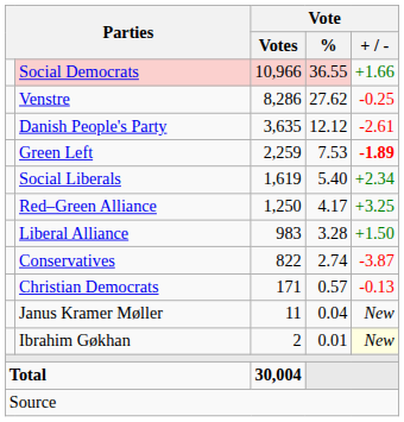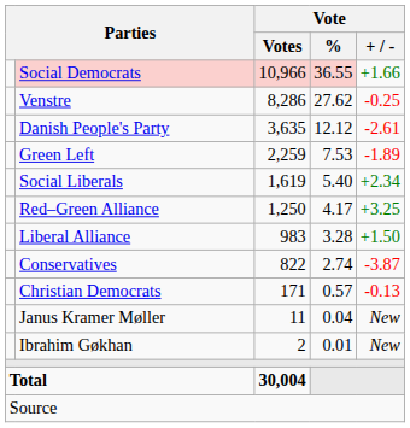 <table class="wikitable" style="text-align:right;">
 <tr>
 <th style="text-align:centre;" rowspan="2" colspan="2" width="225">Parties</th>
 <th colspan="3">Vote</th>
 </tr>
 <tr>
 <th width="15">Votes</th>
 <th width="15">%</th>
 <th width="15">+ / -</th>
 </tr>
 <tr>
 <td width="2" style="color:inherit;background:"></td>
 <td bgcolor=#fbd0ce  align="left"><a href='#'>Social Democrats</a></td>
 <td bgcolor=#fbd0ce>10,966</td>
 <td bgcolor=#fbd0ce>36.55</td>
 <td style=color:green;>+1.66</td>
 </tr>
 <tr>
 <td width="2" style="color:inherit;background:"></td>
 <td align="left"><a href='#'>Venstre</a></td>
 <td>8,286</td>
 <td>27.62</td>
 <td style=color:red;>-0.25</td>
 </tr>
 <tr>
 <td width="2" style="color:inherit;background:"></td>
 <td align="left"><a href='#'>Danish People's Party</a></td>
 <td>3,635</td>
 <td>12.12</td>
 <td style=color:red;>-2.61</td>
 </tr>
 <tr>
 <td width="2" style="color:inherit;background:"></td>
 <td align="left"><a href='#'>Green Left</a></td>
 <td>2,259</td>
 <td>7.53</td>
-<td style=color:red;><strong>-1.89</strong></td>
+<td style=color:red;>-1.89</td>
 </tr>
 <tr>
 <td width="2" style="color:inherit;background:"></td>
 <td align="left"><a href='#'>Social Liberals</a></td>
 <td>1,619</td>
 <td>5.40</td>
 <td style=color:green;>+2.34</td>
 </tr>
 <tr>
 <td width="2" style="color:inherit;background:"></td>
 <td align="left"><a href='#'>Red–Green Alliance</a></td>
 <td>1,250</td>
 <td>4.17</td>
 <td style=color:green;>+3.25</td>
 </tr>
 <tr>
 <td width="2" style="color:inherit;background:"></td>
 <td align="left"><a href='#'>Liberal Alliance</a></td>
 <td>983</td>
 <td>3.28</td>
 <td style=color:green;>+1.50</td>
 </tr>
 <tr>
 <td width="2" style="color:inherit;background:"></td>
 <td align="left"><a href='#'>Conservatives</a></td>
 <td>822</td>
 <td>2.74</td>
 <td style=color:red;>-3.87</td>
 </tr>
 <tr>
 <td width="2" style="color:inherit;background:"></td>
 <td align="left"><a href='#'>Christian Democrats</a></td>
 <td>171</td>
 <td>0.57</td>
 <td style=color:red;>-0.13</td>
 </tr>
 <tr>
 <td width="2" style="color:inherit;background:"></td>
 <td align="left">Janus Kramer Møller</td>
 <td>11</td>
 <td>0.04</td>
 <td><em>New</em></td>
 </tr>
 <tr>
 <td width="2" style="color:inherit;background:"></td>
 <td align="left">Ibrahim Gøkhan</td>
 <td>2</td>
 <td>0.01</td>
-<td style="background: lightyellow;"><em>New</em></td>
+<td><em>New</em></td>
 </tr>
 <tr>
 <td colspan="7" bgcolor="#E9E9E9"></td>
 </tr>
 <tr>
 <td align="left" colspan="2"><strong>Total</strong></td>
 <td><strong>30,004</strong></td>
 <td bgcolor="#E9E9E9" colspan="2"></td>
 </tr>
 <tr>
 <td align="left" colspan="6">Source</td>
 </tr>
 </table>
